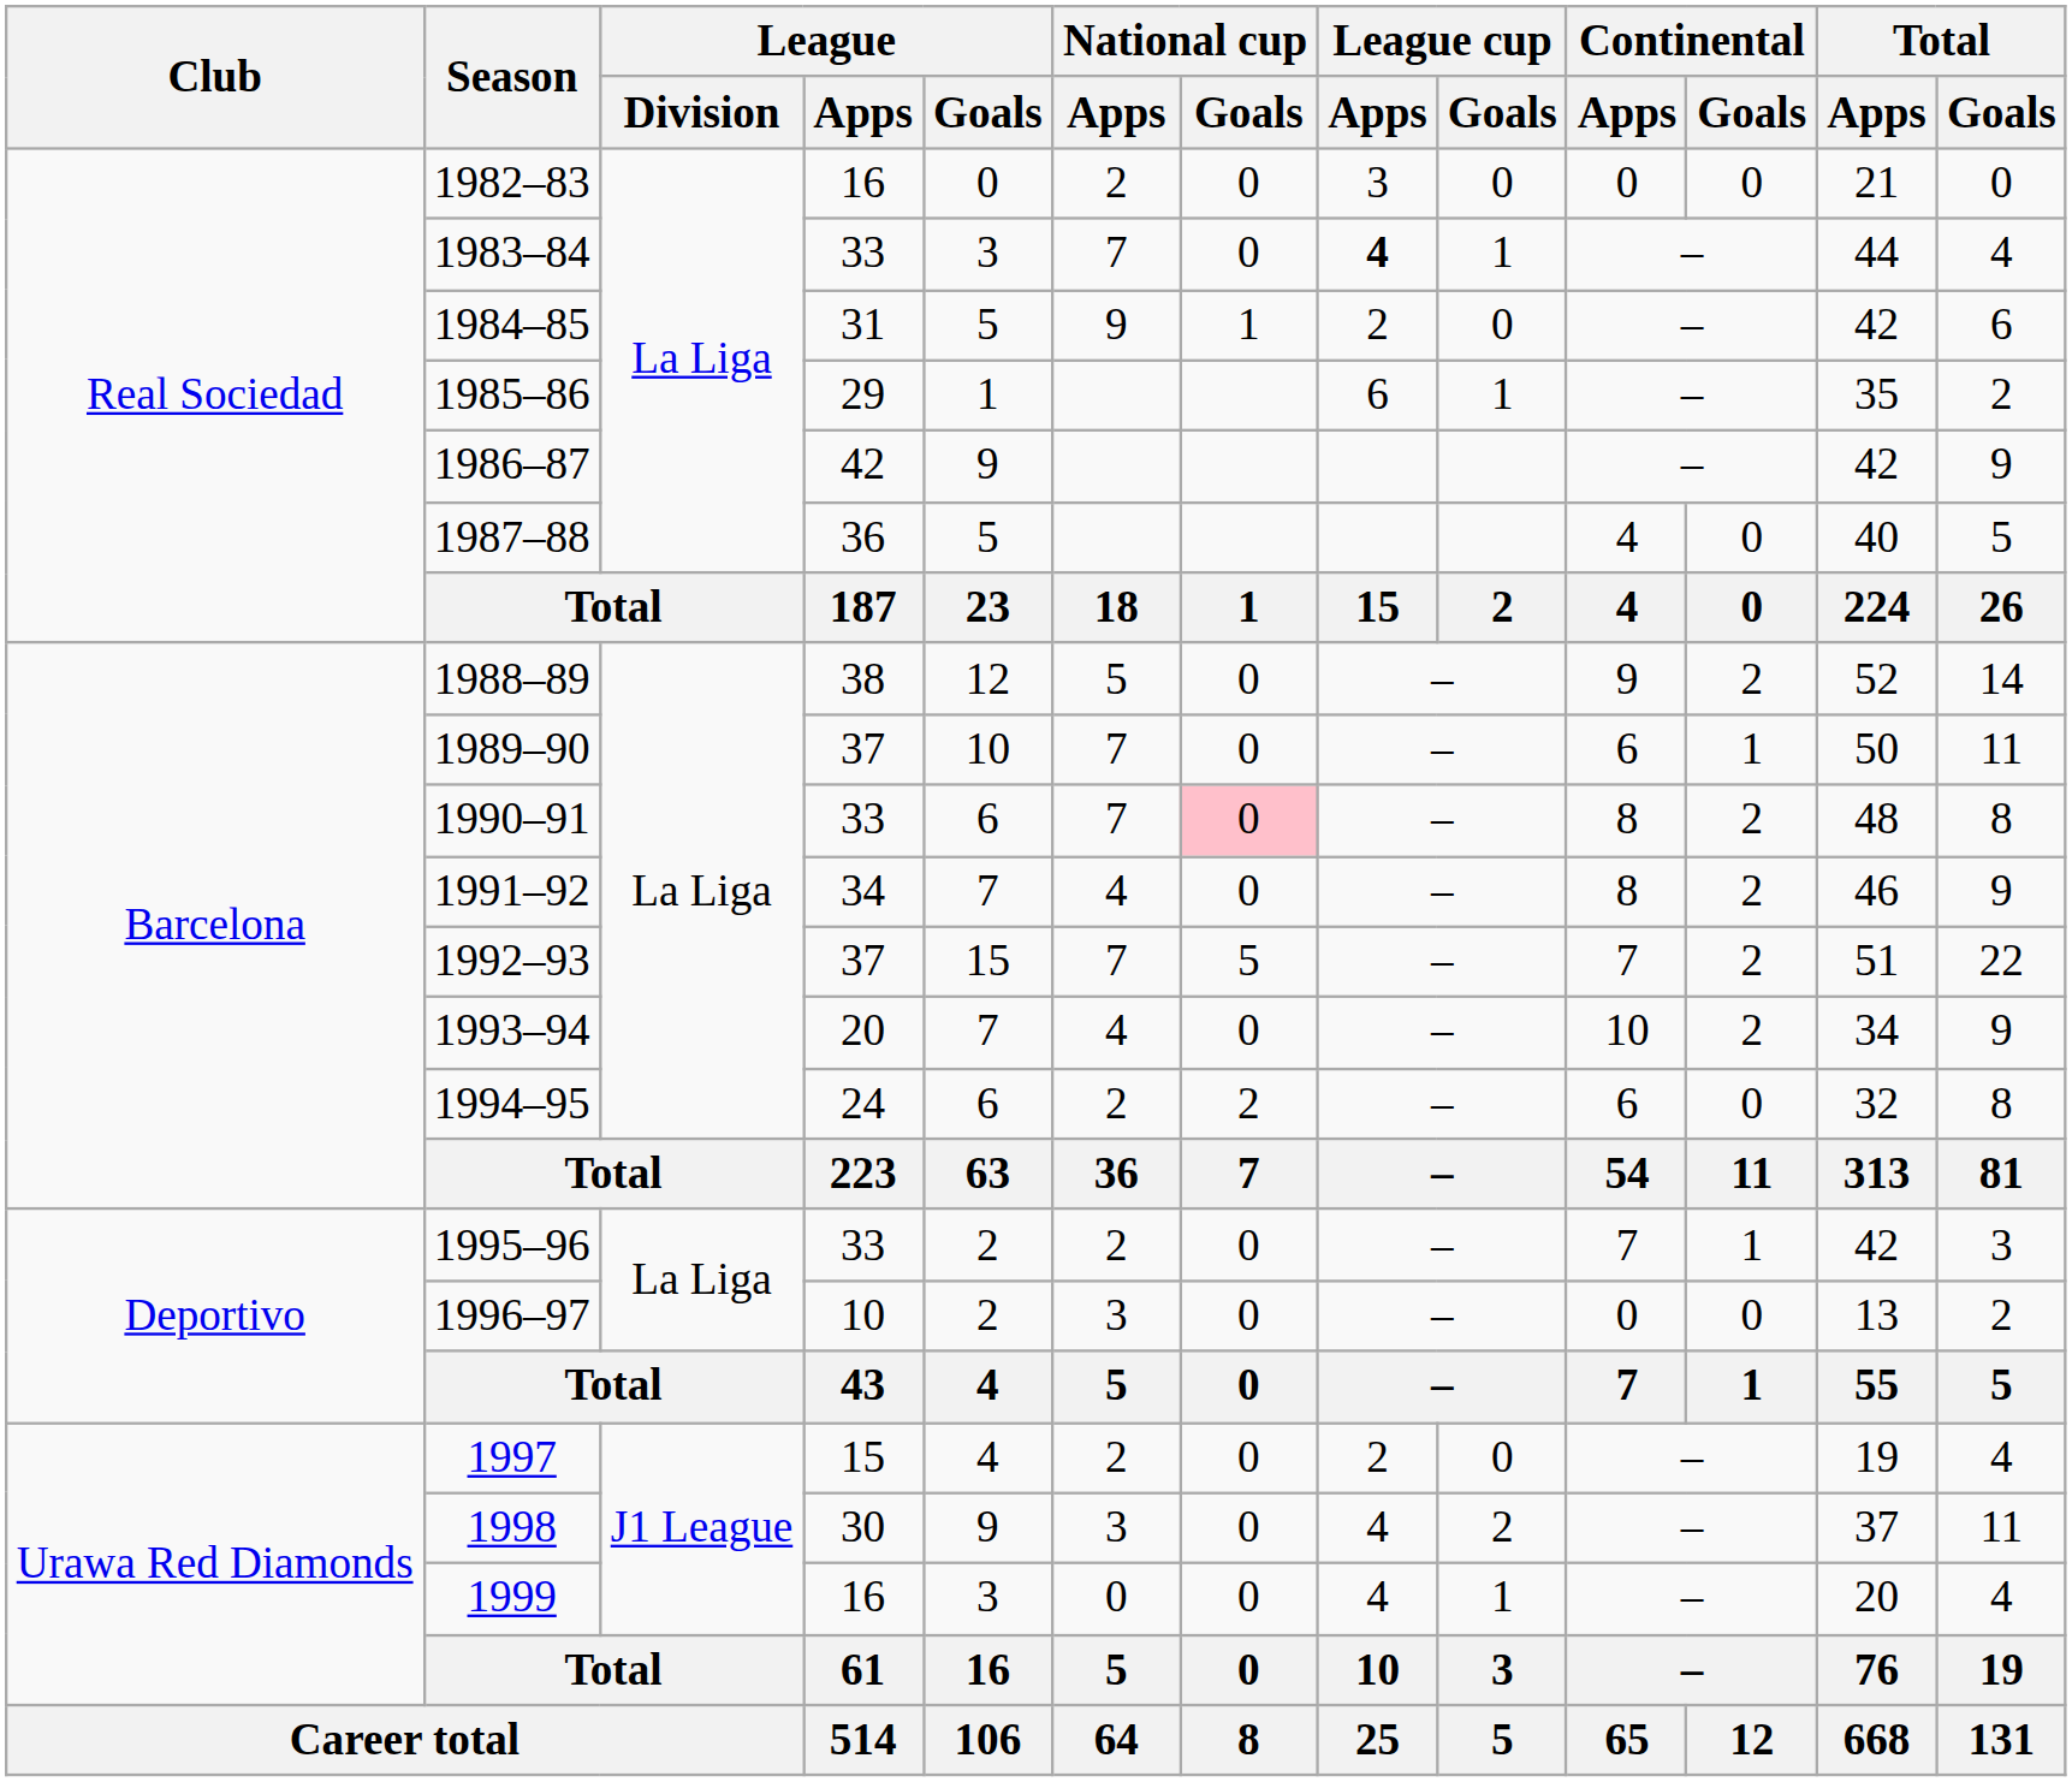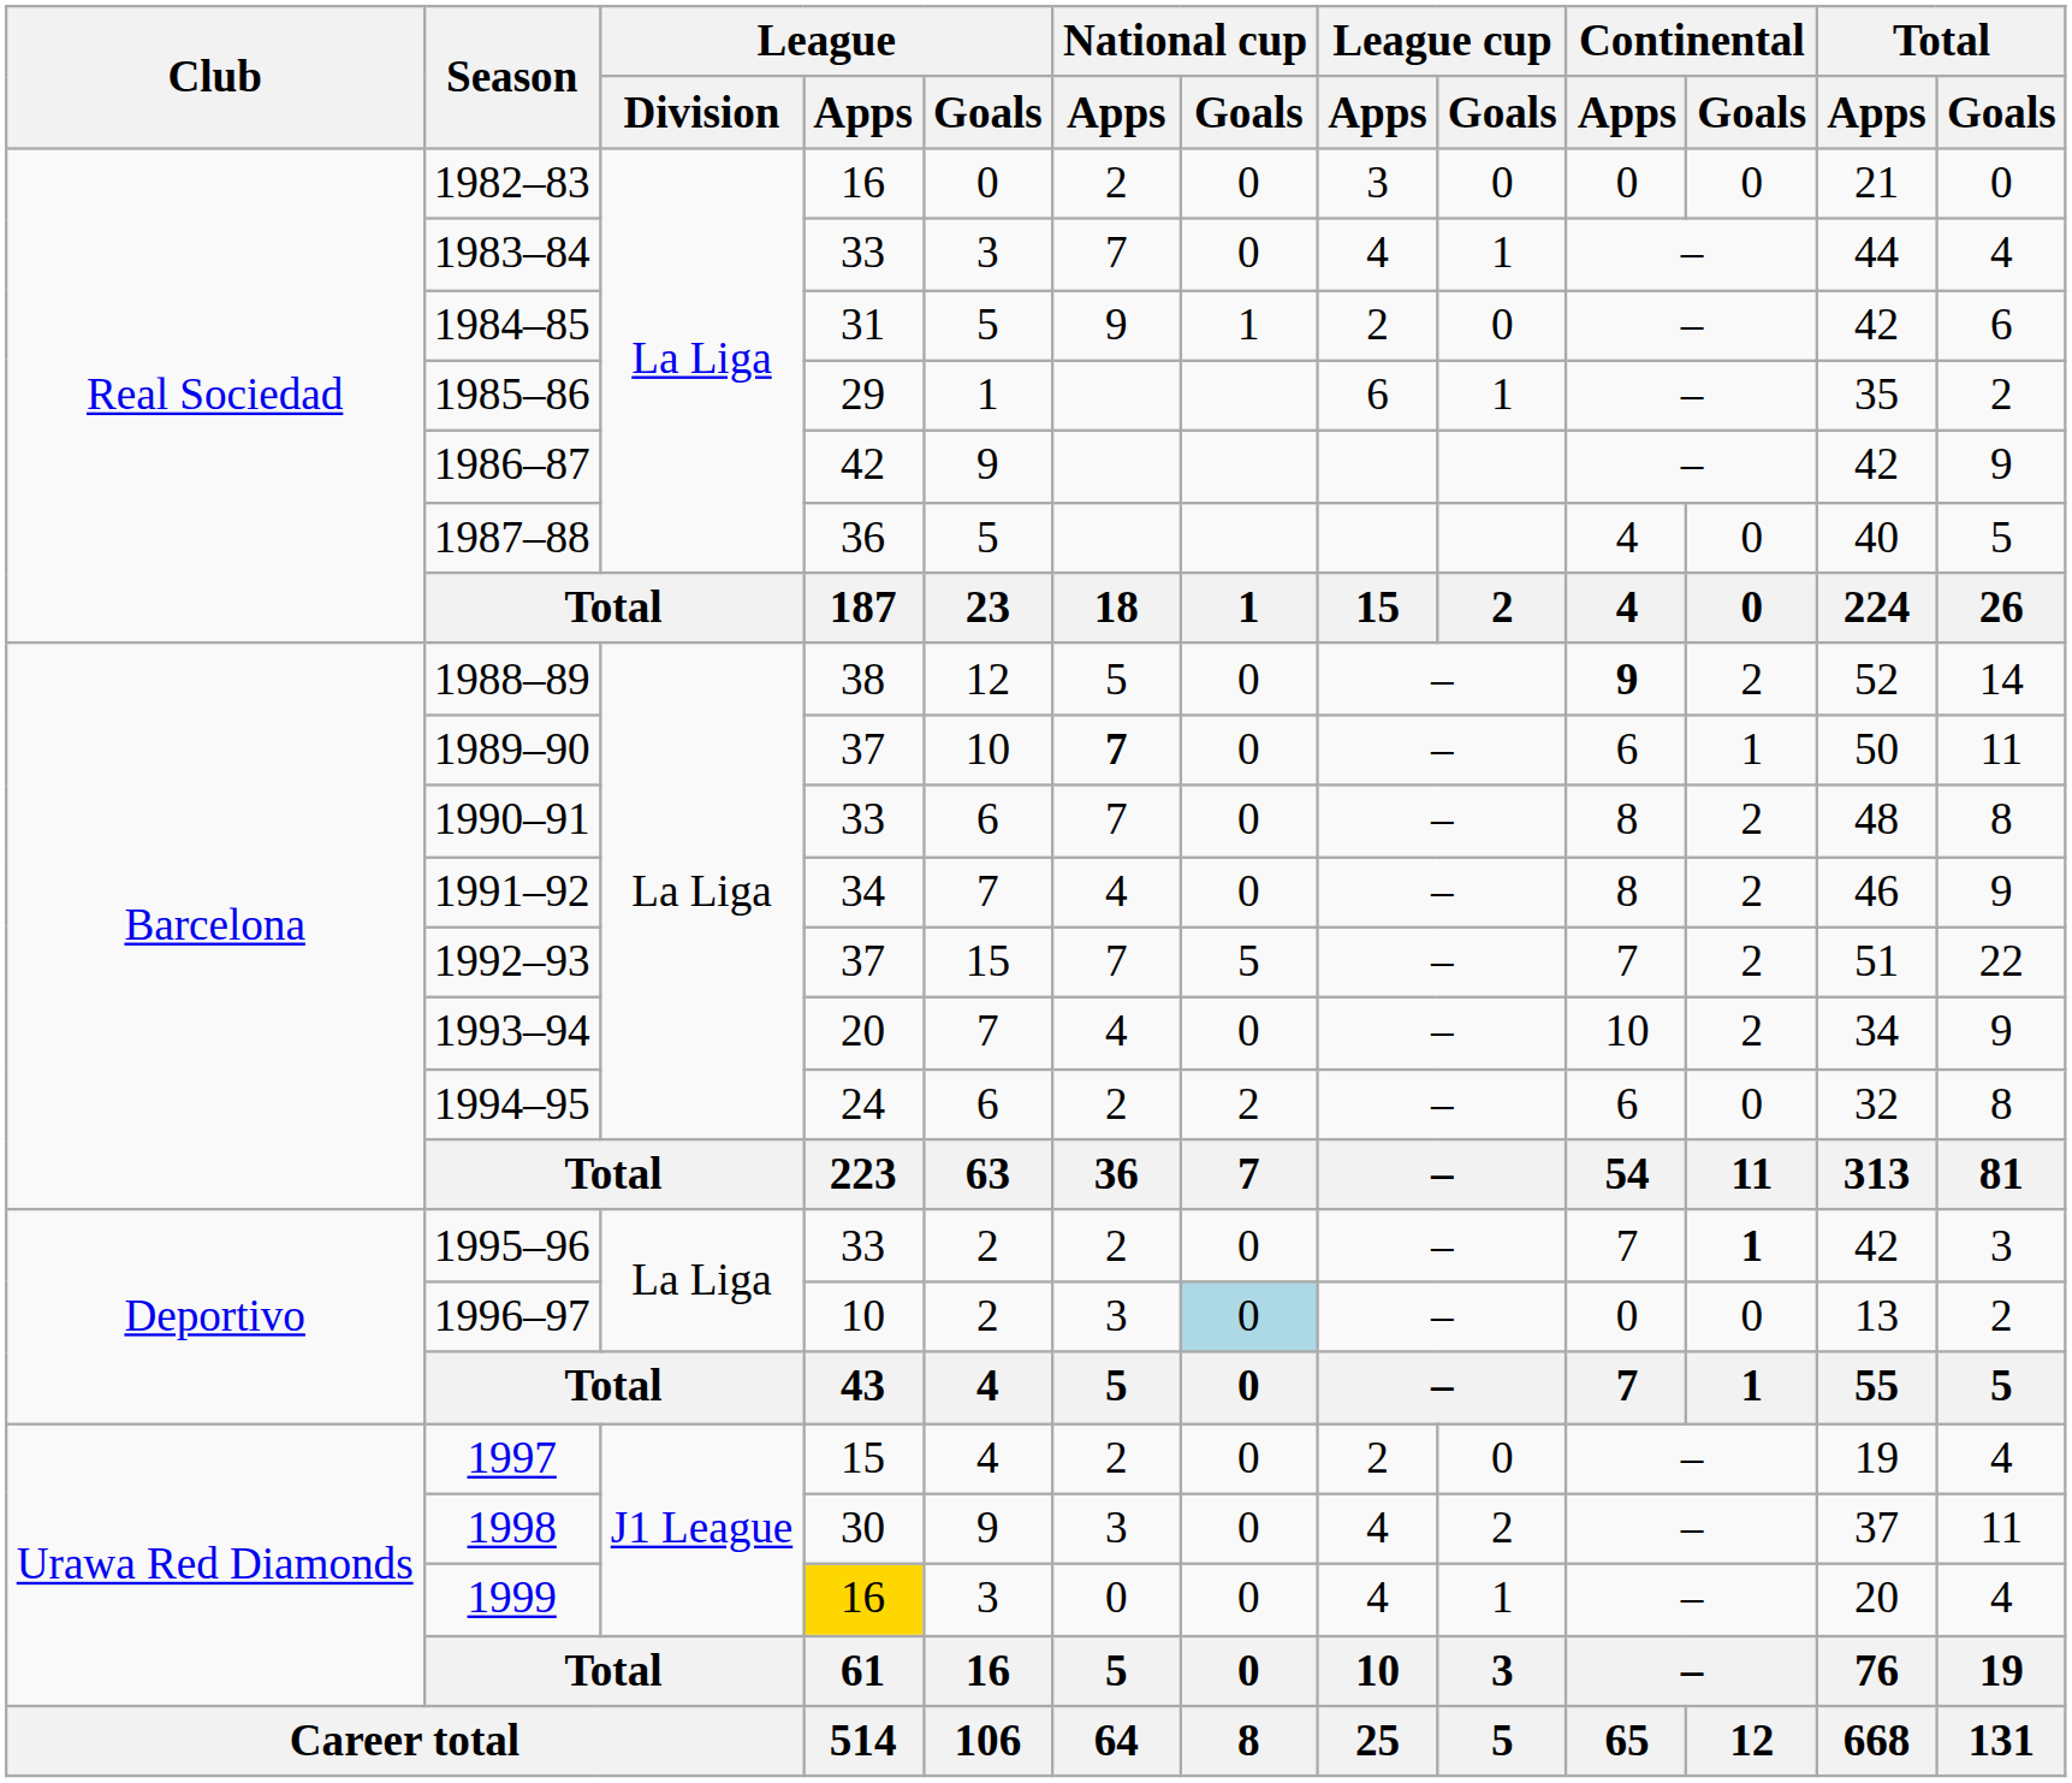 <table class="wikitable" style="text-align:center">
 <tr>
 <th rowspan="2">Club</th>
 <th rowspan="2">Season</th>
 <th colspan="3">League</th>
 <th colspan="2">National cup</th>
 <th colspan="2">League cup</th>
 <th colspan="2">Continental</th>
 <th colspan="2">Total</th>
 </tr>
 <tr>
 <th>Division</th>
 <th>Apps</th>
 <th>Goals</th>
 <th>Apps</th>
 <th>Goals</th>
 <th>Apps</th>
 <th>Goals</th>
 <th>Apps</th>
 <th>Goals</th>
 <th>Apps</th>
 <th>Goals</th>
 </tr>
 <tr>
 <td rowspan="7"><a href='#'>Real Sociedad</a></td>
 <td>1982–83</td>
 <td rowspan="6"><a href='#'>La Liga</a></td>
 <td>16</td>
 <td>0</td>
 <td>2</td>
 <td>0</td>
 <td>3</td>
 <td>0</td>
 <td>0</td>
 <td>0</td>
 <td>21</td>
 <td>0</td>
 </tr>
 <tr>
 <td>1983–84</td>
 <td>33</td>
 <td>3</td>
 <td>7</td>
 <td>0</td>
-<td><strong>4</strong></td>
+<td>4</td>
 <td>1</td>
 <td colspan="2">–</td>
 <td>44</td>
 <td>4</td>
 </tr>
 <tr>
 <td>1984–85</td>
 <td>31</td>
 <td>5</td>
 <td>9</td>
 <td>1</td>
 <td>2</td>
 <td>0</td>
 <td colspan="2">–</td>
 <td>42</td>
 <td>6</td>
 </tr>
 <tr>
 <td>1985–86</td>
 <td>29</td>
 <td>1</td>
 <td></td>
 <td></td>
 <td>6</td>
 <td>1</td>
 <td colspan="2">–</td>
 <td>35</td>
 <td>2</td>
 </tr>
 <tr>
 <td>1986–87</td>
 <td>42</td>
 <td>9</td>
 <td></td>
 <td></td>
 <td></td>
 <td></td>
 <td colspan="2">–</td>
 <td>42</td>
 <td>9</td>
 </tr>
 <tr>
 <td>1987–88</td>
 <td>36</td>
 <td>5</td>
 <td></td>
 <td></td>
 <td></td>
 <td></td>
 <td>4</td>
 <td>0</td>
 <td>40</td>
 <td>5</td>
 </tr>
 <tr>
 <th colspan="2">Total</th>
 <th>187</th>
 <th>23</th>
 <th>18</th>
 <th>1</th>
 <th>15</th>
 <th>2</th>
 <th>4</th>
 <th>0</th>
 <th>224</th>
 <th>26</th>
 </tr>
 <tr>
 <td rowspan="8"><a href='#'>Barcelona</a></td>
 <td>1988–89</td>
 <td rowspan="7">La Liga</td>
 <td>38</td>
 <td>12</td>
 <td>5</td>
 <td>0</td>
 <td colspan="2">–</td>
-<td>9</td>
+<td><strong>9</strong></td>
 <td>2</td>
 <td>52</td>
 <td>14</td>
 </tr>
 <tr>
 <td>1989–90</td>
 <td>37</td>
 <td>10</td>
-<td>7</td>
+<td><strong>7</strong></td>
 <td>0</td>
 <td colspan="2">–</td>
 <td>6</td>
 <td>1</td>
 <td>50</td>
 <td>11</td>
 </tr>
 <tr>
 <td>1990–91</td>
 <td>33</td>
 <td>6</td>
 <td>7</td>
-<td style="background: pink;">0</td>
+<td>0</td>
 <td colspan="2">–</td>
 <td>8</td>
 <td>2</td>
 <td>48</td>
 <td>8</td>
 </tr>
 <tr>
 <td>1991–92</td>
 <td>34</td>
 <td>7</td>
 <td>4</td>
 <td>0</td>
 <td colspan="2">–</td>
 <td>8</td>
 <td>2</td>
 <td>46</td>
 <td>9</td>
 </tr>
 <tr>
 <td>1992–93</td>
 <td>37</td>
 <td>15</td>
 <td>7</td>
 <td>5</td>
 <td colspan="2">–</td>
 <td>7</td>
 <td>2</td>
 <td>51</td>
 <td>22</td>
 </tr>
 <tr>
 <td>1993–94</td>
 <td>20</td>
 <td>7</td>
 <td>4</td>
 <td>0</td>
 <td colspan="2">–</td>
 <td>10</td>
 <td>2</td>
 <td>34</td>
 <td>9</td>
 </tr>
 <tr>
 <td>1994–95</td>
 <td>24</td>
 <td>6</td>
 <td>2</td>
 <td>2</td>
 <td colspan="2">–</td>
 <td>6</td>
 <td>0</td>
 <td>32</td>
 <td>8</td>
 </tr>
 <tr>
 <th colspan="2">Total</th>
 <th>223</th>
 <th>63</th>
 <th>36</th>
 <th>7</th>
 <th colspan="2">–</th>
 <th>54</th>
 <th>11</th>
 <th>313</th>
 <th>81</th>
 </tr>
 <tr>
 <td rowspan="3"><a href='#'>Deportivo</a></td>
 <td>1995–96</td>
 <td rowspan="2">La Liga</td>
 <td>33</td>
 <td>2</td>
 <td>2</td>
 <td>0</td>
 <td colspan="2">–</td>
 <td>7</td>
-<td>1</td>
+<td><strong>1</strong></td>
 <td>42</td>
 <td>3</td>
 </tr>
 <tr>
 <td>1996–97</td>
 <td>10</td>
 <td>2</td>
 <td>3</td>
-<td>0</td>
+<td style="background: lightblue;">0</td>
 <td colspan="2">–</td>
 <td>0</td>
 <td>0</td>
 <td>13</td>
 <td>2</td>
 </tr>
 <tr>
 <th colspan="2">Total</th>
 <th>43</th>
 <th>4</th>
 <th>5</th>
 <th>0</th>
 <th colspan="2">–</th>
 <th>7</th>
 <th>1</th>
 <th>55</th>
 <th>5</th>
 </tr>
 <tr>
 <td rowspan="4"><a href='#'>Urawa Red Diamonds</a></td>
 <td><a href='#'>1997</a></td>
 <td rowspan="3"><a href='#'>J1 League</a></td>
 <td>15</td>
 <td>4</td>
 <td>2</td>
 <td>0</td>
 <td>2</td>
 <td>0</td>
 <td colspan="2">–</td>
 <td>19</td>
 <td>4</td>
 </tr>
 <tr>
 <td><a href='#'>1998</a></td>
 <td>30</td>
 <td>9</td>
 <td>3</td>
 <td>0</td>
 <td>4</td>
 <td>2</td>
 <td colspan="2">–</td>
 <td>37</td>
 <td>11</td>
 </tr>
 <tr>
 <td><a href='#'>1999</a></td>
-<td>16</td>
+<td style="background: gold;">16</td>
 <td>3</td>
 <td>0</td>
 <td>0</td>
 <td>4</td>
 <td>1</td>
 <td colspan="2">–</td>
 <td>20</td>
 <td>4</td>
 </tr>
 <tr>
 <th colspan="2">Total</th>
 <th>61</th>
 <th>16</th>
 <th>5</th>
 <th>0</th>
 <th>10</th>
 <th>3</th>
 <th colspan="2">–</th>
 <th>76</th>
 <th>19</th>
 </tr>
 <tr>
 <th colspan="3">Career total</th>
 <th>514</th>
 <th>106</th>
 <th>64</th>
 <th>8</th>
 <th>25</th>
 <th>5</th>
 <th>65</th>
 <th>12</th>
 <th>668</th>
 <th>131</th>
 </tr>
 </table>
